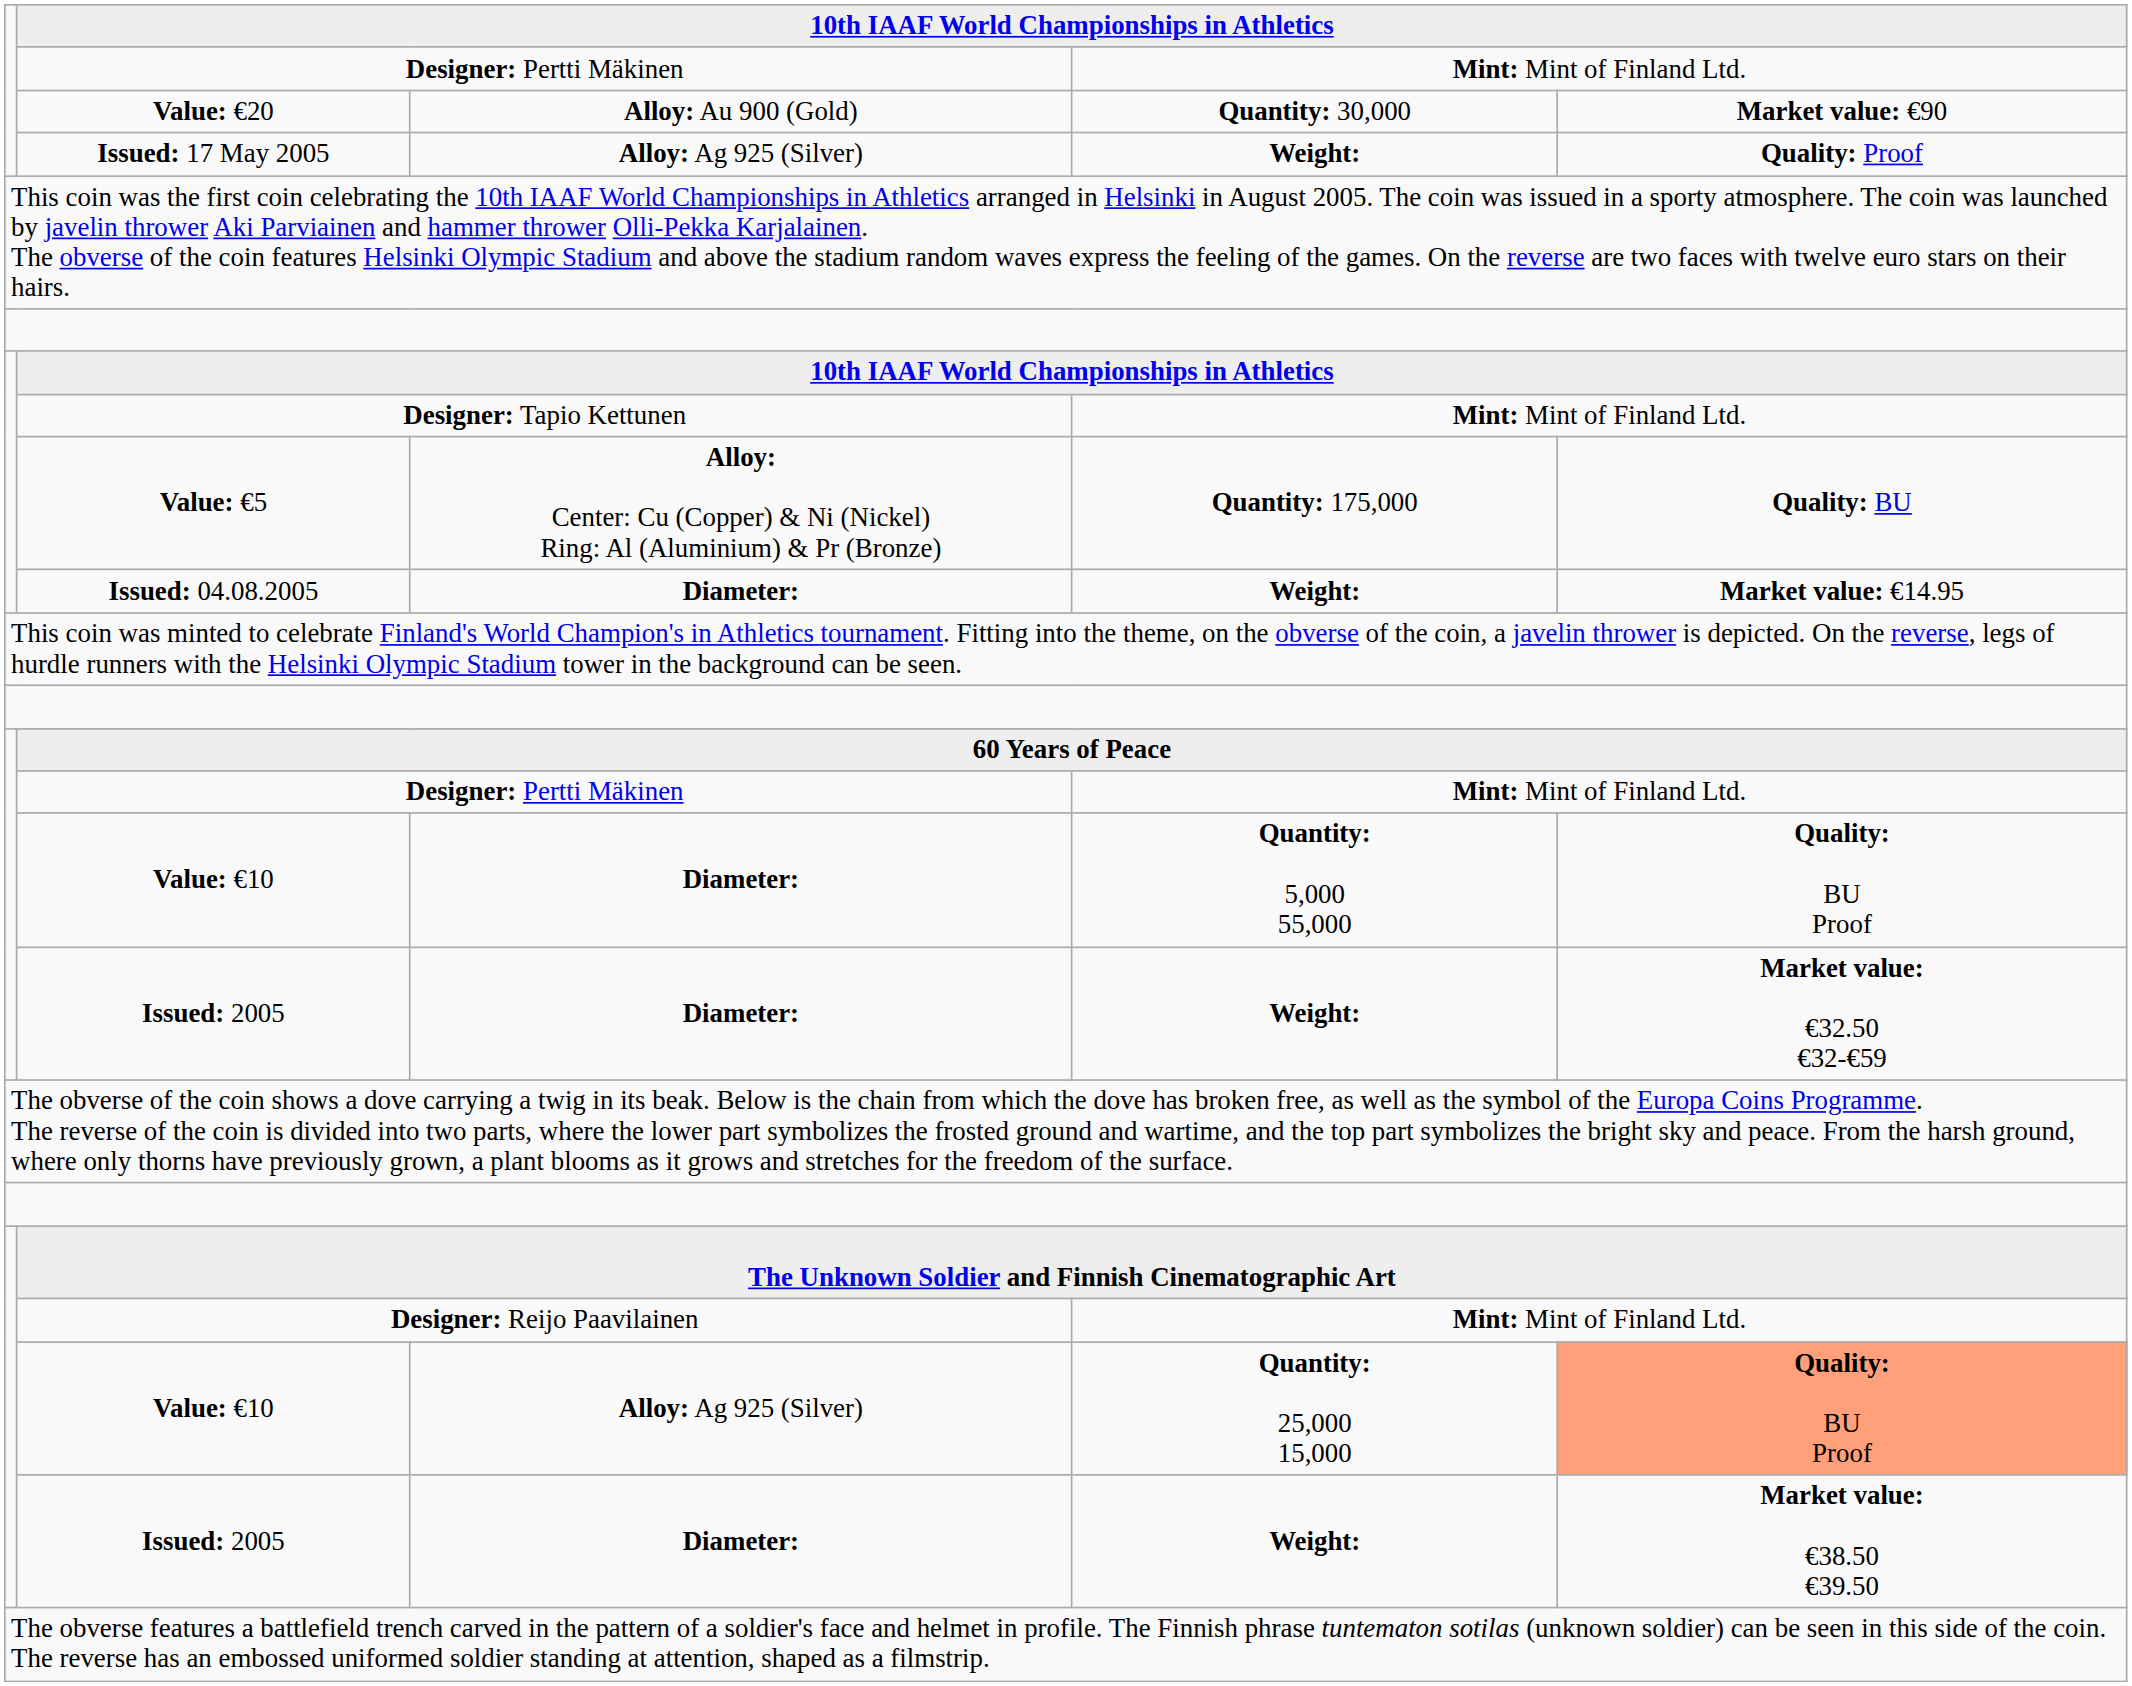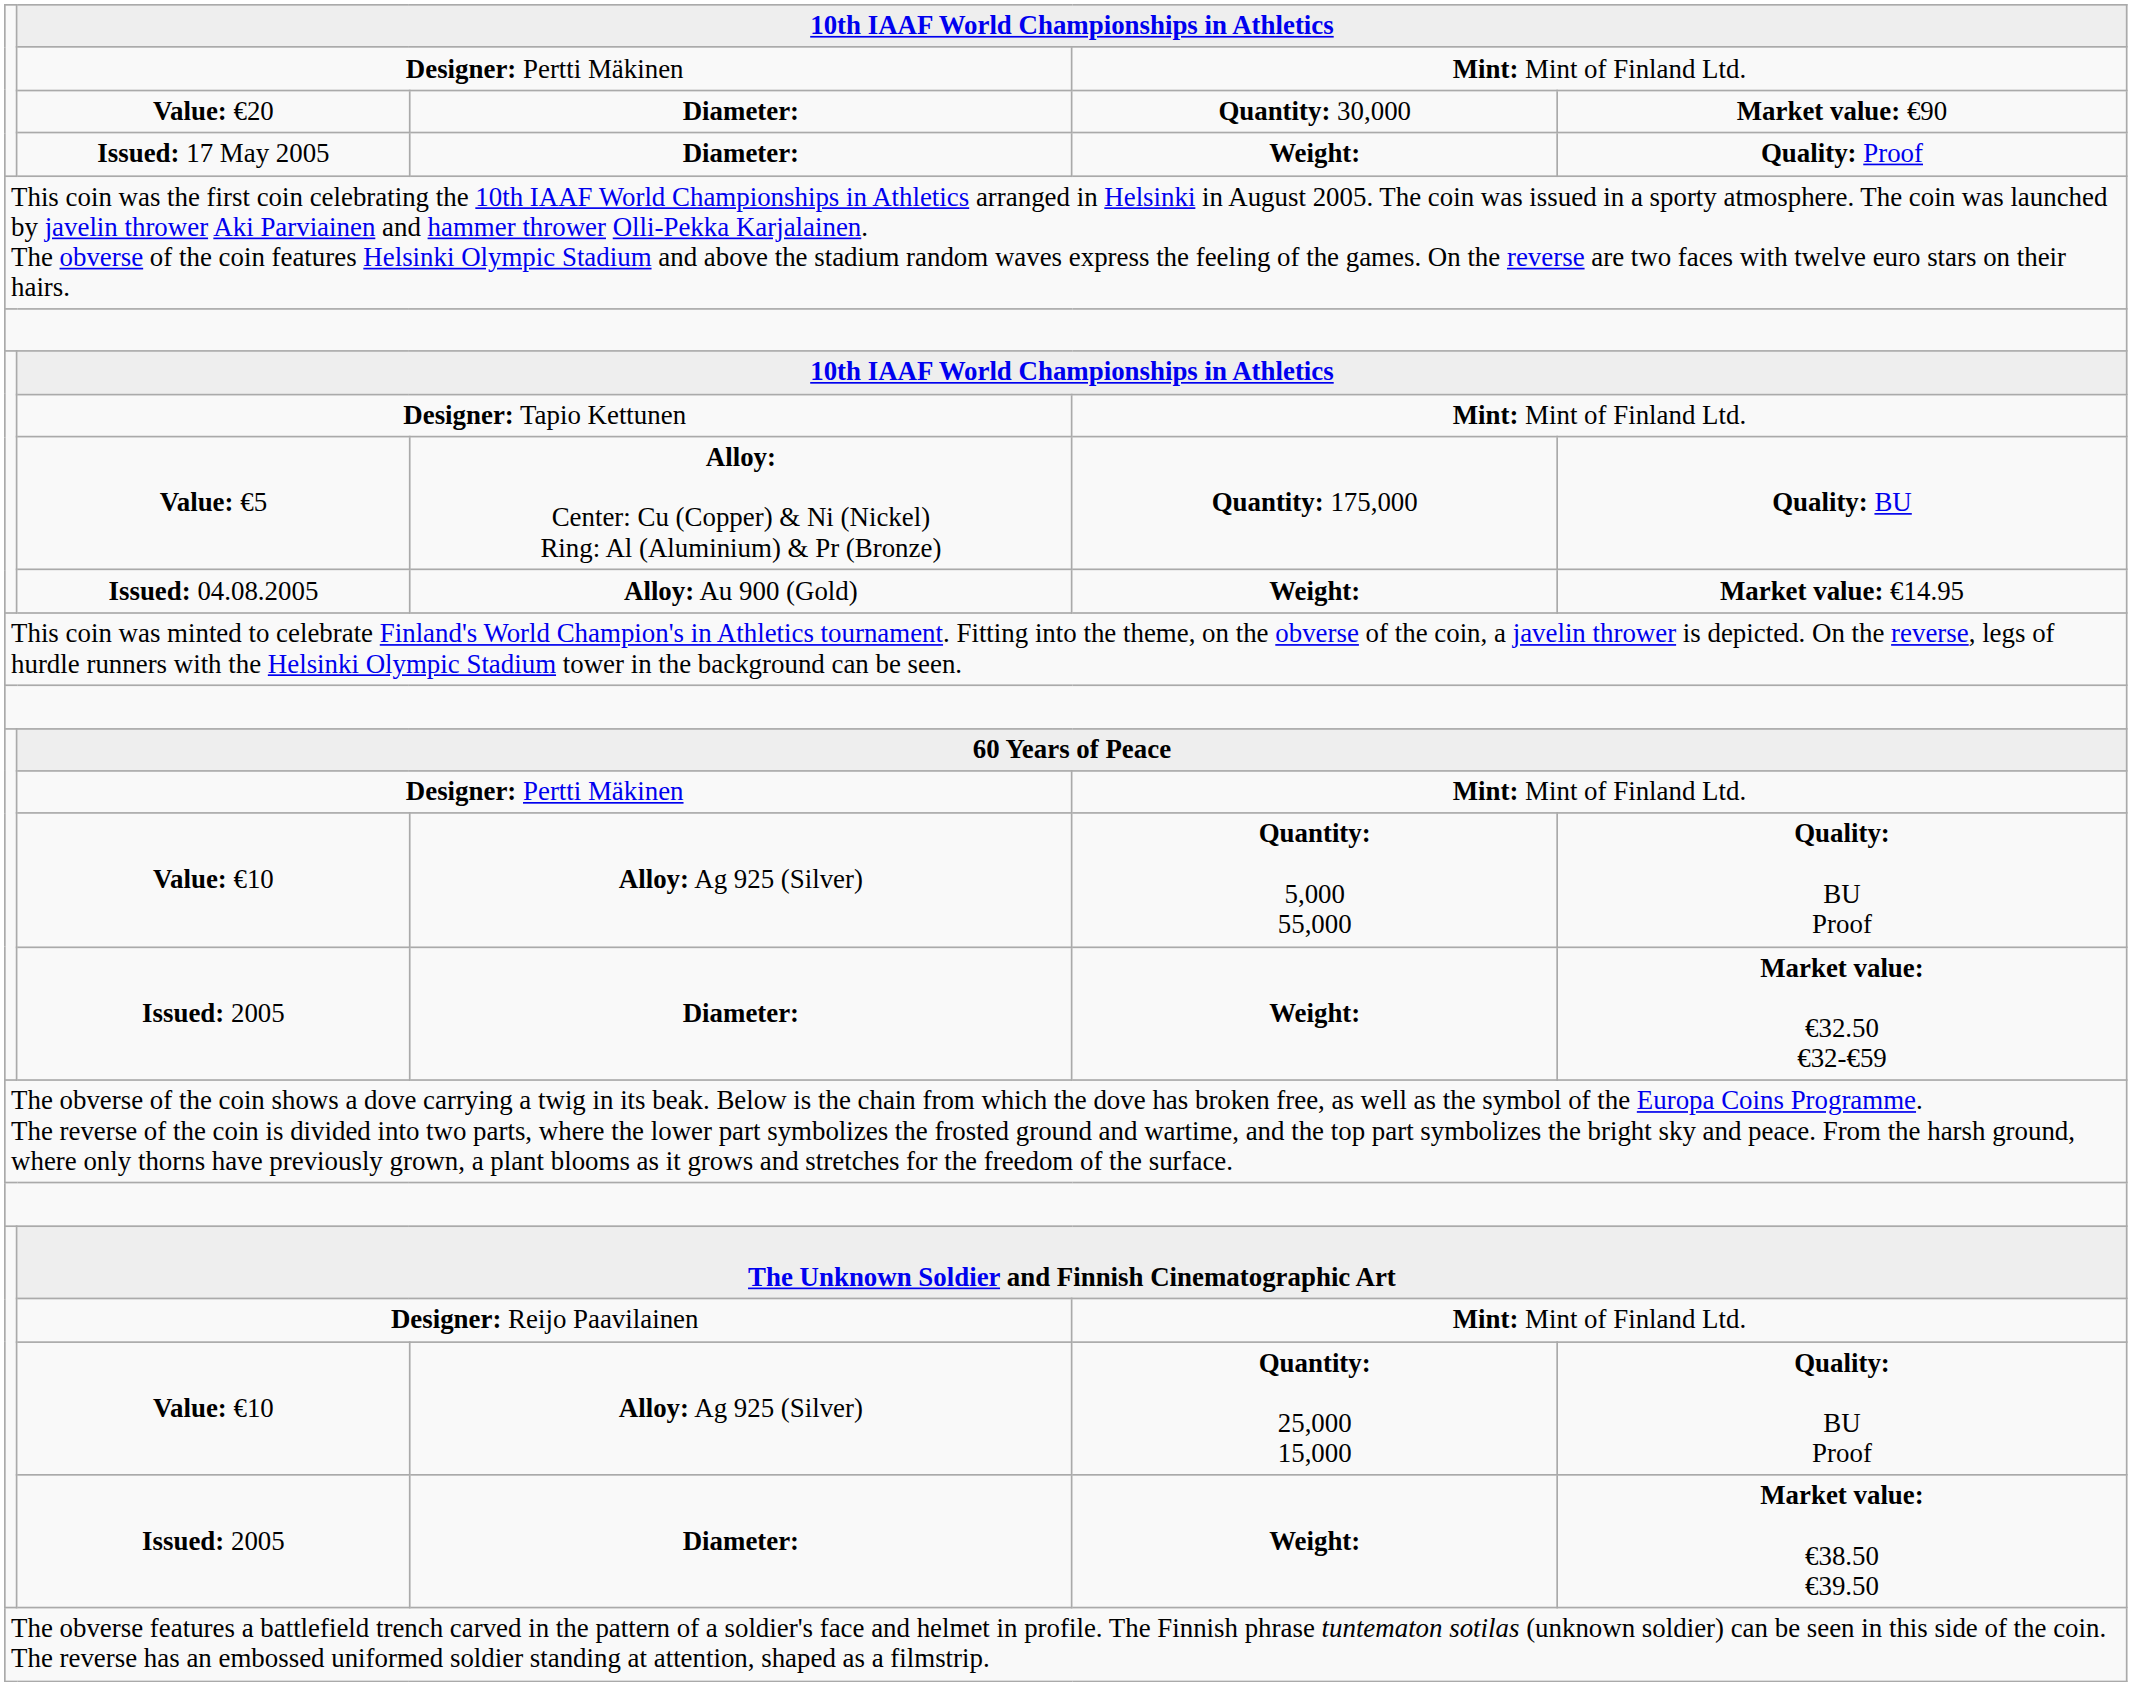 <table class="wikitable" style="width:100%;">
 <tr>
 <td rowspan="4"  style="white-space:nowrap; width:330px; text-align:center;"></td>
 <th colspan="4"  style="text-align:center; background:#eee;"><a href='#'>10th IAAF World Championships in Athletics</a></th>
 </tr>
 <tr style="text-align:center;">
 <td colspan="2"  style="width:50%; "><strong>Designer:</strong> Pertti Mäkinen</td>
 <td colspan="2"  style="width:50%; "><strong>Mint:</strong> Mint of Finland Ltd.</td>
 </tr>
 <tr>
 <td align=center><strong>Value:</strong> €20</td>
-<td align=center><strong>Alloy:</strong> Au 900 (Gold)</td>
+<td align=center><strong>Diameter:</strong> </td>
 <td align=center><strong>Quantity:</strong> 30,000</td>
 <td align=center><strong>Market value:</strong> €90</td>
 </tr>
 <tr>
 <td align=center><strong>Issued:</strong> 17 May 2005</td>
-<td align=center><strong>Alloy:</strong> Ag 925 (Silver)</td>
+<td align=center><strong>Diameter:</strong> </td>
 <td align=center><strong>Weight:</strong> </td>
 <td align=center><strong>Quality:</strong> <a href='#'>Proof</a></td>
 </tr>
 <tr>
 <td colspan="5" style="text-align:left;">This coin was the first coin celebrating the <a href='#'>10th IAAF World Championships in Athletics</a> arranged in <a href='#'>Helsinki</a> in August 2005.  The coin was issued in a sporty atmosphere. The coin was launched by <a href='#'>javelin thrower</a> <a href='#'>Aki Parviainen</a> and <a href='#'>hammer thrower</a> <a href='#'>Olli-Pekka Karjalainen</a>.<br>The <a href='#'>obverse</a> of the coin features <a href='#'>Helsinki Olympic Stadium</a> and above the stadium random waves express the feeling of the games. On the <a href='#'>reverse</a> are two faces with twelve euro stars on their hairs.</td>
 </tr>
 <tr>
 <td colspan="5"> </td>
 </tr>
 <tr>
 <td rowspan="4"  style="white-space:nowrap; width:330px; text-align:center;"></td>
 <th colspan="4"  style="text-align:center; background:#eee;"><a href='#'>10th IAAF World Championships in Athletics</a></th>
 </tr>
 <tr style="text-align:center;">
 <td colspan="2"  style="width:50%; "><strong>Designer:</strong> Tapio Kettunen</td>
 <td colspan="2"  style="width:50%; "><strong>Mint:</strong> Mint of Finland Ltd.</td>
 </tr>
 <tr>
 <td align=center><strong>Value:</strong> €5</td>
 <td align=center><strong>Alloy:</strong> <br><br>Center: Cu (Copper) & Ni (Nickel)<br> Ring: Al (Aluminium) & Pr (Bronze)</td>
 <td align=center><strong>Quantity:</strong> 175,000</td>
 <td align=center><strong>Quality:</strong> <a href='#'>BU</a></td>
 </tr>
 <tr>
 <td align=center><strong>Issued:</strong> 04.08.2005</td>
-<td align=center><strong>Diameter:</strong> </td>
+<td align=center><strong>Alloy:</strong> Au 900 (Gold)</td>
 <td align=center><strong>Weight:</strong> </td>
 <td align=center><strong>Market value:</strong> €14.95</td>
 </tr>
 <tr>
 <td colspan="5" style="text-align:left;">This coin was minted to celebrate <a href='#'>Finland's World Champion's in Athletics tournament</a>.  Fitting into the theme, on the <a href='#'>obverse</a> of the coin, a <a href='#'>javelin thrower</a> is depicted.  On the <a href='#'>reverse</a>, legs of hurdle runners with the <a href='#'>Helsinki Olympic Stadium</a> tower in the background can be seen.</td>
 </tr>
 <tr>
 <td colspan="5"> </td>
 </tr>
 <tr>
 <td rowspan="4"  style="white-space:nowrap; width:330px; text-align:center;"></td>
 <th colspan="4"  style="text-align:center; background:#eee;">60 Years of Peace</th>
 </tr>
 <tr style="text-align:center;">
 <td colspan="2"  style="width:50%; "><strong>Designer:</strong> <a href='#'>Pertti Mäkinen</a></td>
 <td colspan="2"  style="width:50%; "><strong>Mint:</strong> Mint of Finland Ltd.</td>
 </tr>
 <tr>
 <td align=center><strong>Value:</strong> €10</td>
-<td align=center><strong>Diameter:</strong> </td>
+<td align=center><strong>Alloy:</strong> Ag 925 (Silver)</td>
 <td align=center><strong>Quantity:</strong> <br><br>5,000<br> 55,000</td>
 <td align=center><strong>Quality:</strong> <br><br>BU<br> Proof</td>
 </tr>
 <tr>
 <td align=center><strong>Issued:</strong> 2005</td>
 <td align=center><strong>Diameter:</strong> </td>
 <td align=center><strong>Weight:</strong> </td>
 <td align=center><strong>Market value:</strong> <br><br>€32.50<br> €32-€59</td>
 </tr>
 <tr>
 <td colspan="5" style="text-align:left;">The obverse of the coin shows a dove carrying a twig in its beak. Below is the chain from which the dove has broken free, as well as the symbol of the <a href='#'>Europa Coins Programme</a>.<br>The reverse of the coin is divided into two parts, where the lower part symbolizes the frosted ground and wartime, and the top part symbolizes the bright sky and peace. From the harsh ground, where only thorns have previously grown, a plant blooms as it grows and stretches for the freedom of the surface.</td>
 </tr>
 <tr>
 <td colspan="5"> </td>
 </tr>
 <tr>
 <td rowspan="4"  style="white-space:nowrap; width:330px; text-align:center;"></td>
 <th colspan="4"  style="text-align:center; background:#eee;"><br><a href='#'>The Unknown Soldier</a> and Finnish Cinematographic Art</th>
 </tr>
 <tr style="text-align:center;">
 <td colspan="2"  style="width:50%; "><strong>Designer:</strong> Reijo Paavilainen</td>
 <td colspan="2"  style="width:50%; "><strong>Mint:</strong> Mint of Finland Ltd.</td>
 </tr>
 <tr>
 <td align=center><strong>Value:</strong> €10</td>
 <td align=center><strong>Alloy:</strong> Ag 925 (Silver)</td>
 <td align=center><strong>Quantity:</strong><br><br>25,000<br> 15,000</td>
-<td align=center style="background: lightsalmon;"><strong>Quality:</strong><br><br>BU<br> Proof</td>
+<td align=center><strong>Quality:</strong><br><br>BU<br> Proof</td>
 </tr>
 <tr>
 <td align=center><strong>Issued:</strong> 2005</td>
 <td align=center><strong>Diameter:</strong> </td>
 <td align=center><strong>Weight:</strong> </td>
 <td align=center><strong>Market value:</strong> <br><br>€38.50<br> €39.50</td>
 </tr>
 <tr>
 <td colspan="5" style="text-align:left;">The obverse features a battlefield trench carved in the pattern of a soldier's face and helmet in profile. The Finnish phrase <em>tuntematon sotilas</em> (unknown soldier) can be seen in this side of the coin.<br>The reverse has an embossed uniformed soldier standing at attention, shaped as a filmstrip.</td>
 </tr>
 </table>
